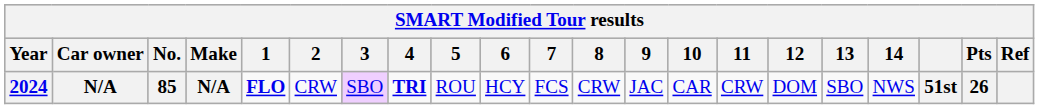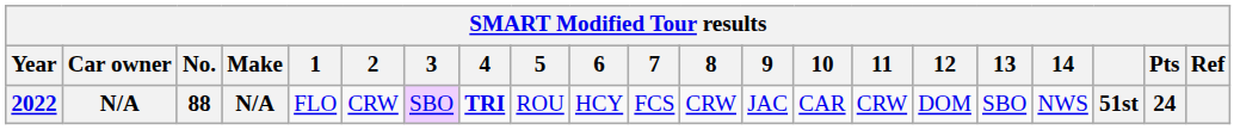 <table class="wikitable" style="text-align:center; font-size:75%">
 <tr>
 <th colspan=38><a href='#'>SMART Modified Tour</a> results</th>
 </tr>
 <tr>
 <th>Year</th>
 <th>Car owner</th>
 <th>No.</th>
 <th>Make</th>
 <th>1</th>
 <th>2</th>
 <th>3</th>
 <th>4</th>
 <th>5</th>
 <th>6</th>
 <th>7</th>
 <th>8</th>
 <th>9</th>
 <th>10</th>
 <th>11</th>
 <th>12</th>
 <th>13</th>
 <th>14</th>
 <th></th>
 <th>Pts</th>
 <th>Ref</th>
 </tr>
 <tr>
-<th><a href='#'>2024</a></th>
+<th><a href='#'>2022</a></th>
 <th>N/A</th>
-<th>85</th>
+<th>88</th>
 <th>N/A</th>
-<td><strong><a href='#'>FLO</a></strong></td>
+<td><a href='#'>FLO</a></td>
 <td><a href='#'>CRW</a></td>
 <td style="background:#EFCFFF;"><a href='#'>SBO</a><br></td>
 <td><strong><a href='#'>TRI</a></strong></td>
 <td><a href='#'>ROU</a></td>
 <td><a href='#'>HCY</a></td>
 <td><a href='#'>FCS</a></td>
 <td><a href='#'>CRW</a></td>
 <td><a href='#'>JAC</a></td>
 <td><a href='#'>CAR</a></td>
 <td><a href='#'>CRW</a></td>
 <td><a href='#'>DOM</a></td>
 <td><a href='#'>SBO</a></td>
 <td><a href='#'>NWS</a></td>
 <th>51st</th>
-<th>26</th>
+<th>24</th>
 <th></th>
 </tr>
 </table>
